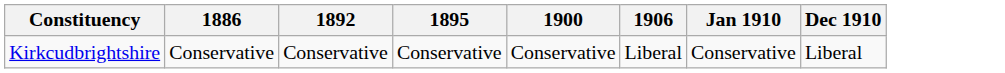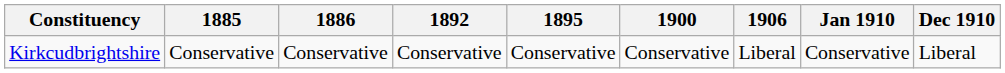 <table class="wikitable">
 <tr>
 <th>Constituency</th>
+<th>1885</th>
 <th>1886</th>
 <th>1892</th>
 <th>1895</th>
 <th>1900</th>
 <th>1906</th>
 <th>Jan 1910</th>
 <th>Dec 1910</th>
 </tr>
 <tr>
 <td><a href='#'>Kirkcudbrightshire</a></td>
 <td>Conservative</td>
 <td>Conservative</td>
 <td>Conservative</td>
 <td>Conservative</td>
+<td>Conservative</td>
 <td>Liberal</td>
 <td>Conservative</td>
 <td>Liberal</td>
 </tr>
 </table>
